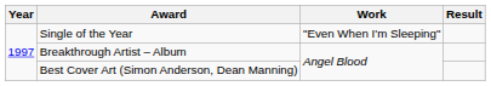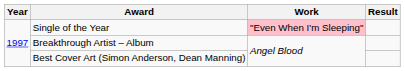 <table class="wikitable">
 <tr>
 <th>Year</th>
 <th>Award</th>
 <th>Work</th>
 <th>Result</th>
 </tr>
 <tr>
 <td rowspan="3"><a href='#'>1997</a></td>
 <td>Single of the Year</td>
-<td>"Even When I'm Sleeping"</td>
+<td style="background: pink;">"Even When I'm Sleeping"</td>
 <td></td>
 </tr>
 <tr>
 <td>Breakthrough Artist – Album</td>
 <td rowspan="2"><em>Angel Blood</em></td>
 <td></td>
 </tr>
 <tr>
 <td>Best Cover Art (Simon Anderson, Dean Manning)</td>
 <td></td>
 </tr>
 </table>
